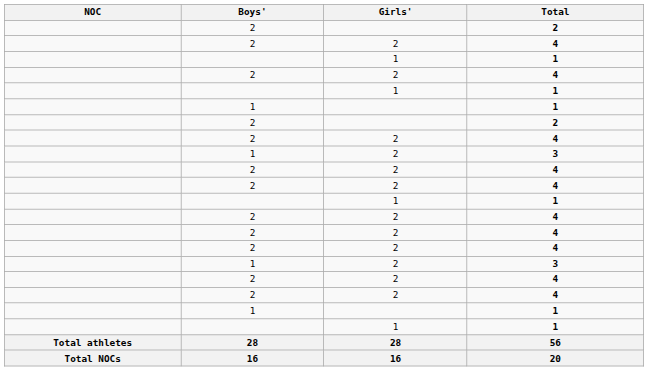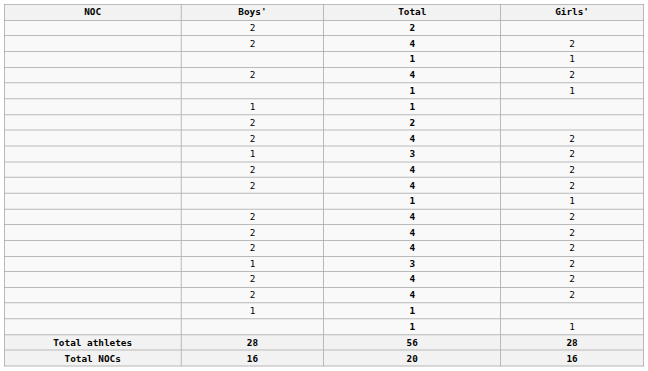 <table class="wikitable collapsible sortable"  style="width:800px; text-align:center; font-size:90%;">
 <tr>
 <th style="text-align:center; width:100px;"><strong>NOC </strong></th>
 <th width=80><strong>Boys' </strong></th>
+<th width=100><strong>Total</strong></th>
 <th width=80><strong>Girls' </strong></th>
-<th width=100><strong>Total</strong></th>
 </tr>
 <tr>
 <td style="text-align:left;"></td>
 <td>2</td>
+<td><strong>2</strong></td>
 <td></td>
-<td><strong>2</strong></td>
 </tr>
 <tr>
 <td style="text-align:left;"></td>
 <td>2</td>
+<td><strong>4</strong></td>
 <td>2</td>
-<td><strong>4</strong></td>
 </tr>
 <tr>
 <td style="text-align:left;"></td>
 <td></td>
+<td><strong>1</strong></td>
 <td>1</td>
-<td><strong>1</strong></td>
 </tr>
 <tr>
 <td style="text-align:left;"></td>
 <td>2</td>
+<td><strong>4</strong></td>
 <td>2</td>
-<td><strong>4</strong></td>
 </tr>
 <tr>
 <td style="text-align:left;"></td>
 <td></td>
+<td><strong>1</strong></td>
 <td>1</td>
-<td><strong>1</strong></td>
 </tr>
 <tr>
 <td style="text-align:left;"></td>
 <td>1</td>
+<td><strong>1</strong></td>
 <td></td>
-<td><strong>1</strong></td>
 </tr>
 <tr>
 <td style="text-align:left;"></td>
 <td>2</td>
+<td><strong>2</strong></td>
 <td></td>
-<td><strong>2</strong></td>
 </tr>
 <tr>
 <td style="text-align:left;"></td>
 <td>2</td>
+<td><strong>4</strong></td>
 <td>2</td>
-<td><strong>4</strong></td>
 </tr>
 <tr>
 <td style="text-align:left;"></td>
 <td>1</td>
+<td><strong>3</strong></td>
 <td>2</td>
-<td><strong>3</strong></td>
 </tr>
 <tr>
 <td style="text-align:left;"></td>
 <td>2</td>
+<td><strong>4</strong></td>
 <td>2</td>
-<td><strong>4</strong></td>
 </tr>
 <tr>
 <td style="text-align:left;"></td>
 <td>2</td>
+<td><strong>4</strong></td>
 <td>2</td>
-<td><strong>4</strong></td>
 </tr>
 <tr>
 <td style="text-align:left;"></td>
 <td></td>
+<td><strong>1</strong></td>
 <td>1</td>
-<td><strong>1</strong></td>
 </tr>
 <tr>
 <td style="text-align:left;"></td>
 <td>2</td>
+<td><strong>4</strong></td>
 <td>2</td>
-<td><strong>4</strong></td>
 </tr>
 <tr>
 <td style="text-align:left;"></td>
 <td>2</td>
+<td><strong>4</strong></td>
 <td>2</td>
-<td><strong>4</strong></td>
 </tr>
 <tr>
 <td style="text-align:left;"></td>
 <td>2</td>
+<td><strong>4</strong></td>
 <td>2</td>
-<td><strong>4</strong></td>
 </tr>
 <tr>
 <td style="text-align:left;"></td>
 <td>1</td>
+<td><strong>3</strong></td>
 <td>2</td>
-<td><strong>3</strong></td>
 </tr>
 <tr>
 <td style="text-align:left;"></td>
 <td>2</td>
+<td><strong>4</strong></td>
 <td>2</td>
-<td><strong>4</strong></td>
 </tr>
 <tr>
 <td style="text-align:left;"></td>
 <td>2</td>
+<td><strong>4</strong></td>
 <td>2</td>
-<td><strong>4</strong></td>
 </tr>
 <tr>
 <td style="text-align:left;"></td>
 <td>1</td>
+<td><strong>1</strong></td>
 <td></td>
-<td><strong>1</strong></td>
 </tr>
 <tr>
 <td style="text-align:left;"></td>
 <td></td>
+<td><strong>1</strong></td>
 <td>1</td>
-<td><strong>1</strong></td>
 </tr>
 <tr class="sortbottom">
 <th>Total athletes</th>
 <th>28</th>
+<th><strong>56</strong></th>
 <th>28</th>
-<th><strong>56</strong></th>
 </tr>
 <tr class="sortbottom">
 <th>Total NOCs</th>
 <th>16</th>
+<th><strong>20</strong></th>
 <th>16</th>
-<th><strong>20</strong></th>
 </tr>
 </table>
